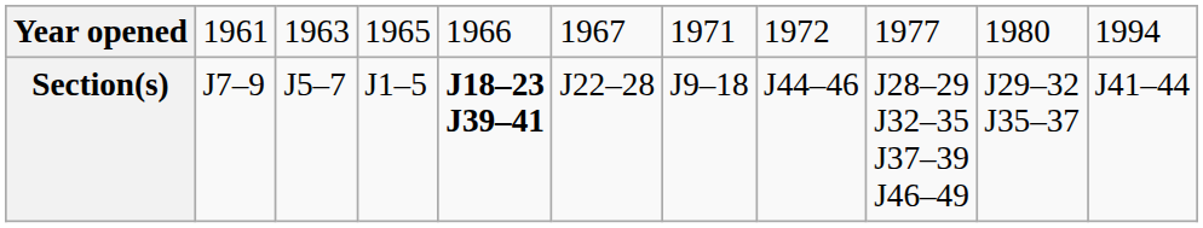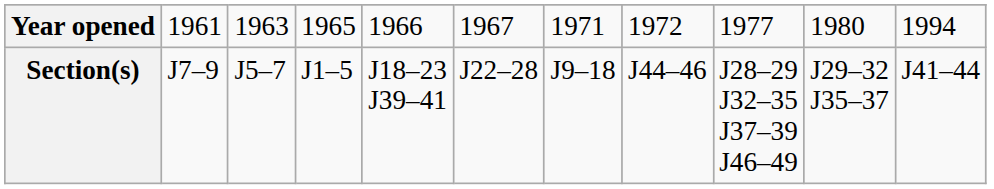 <table class="wikitable">
 <tr>
 <th>Year opened</th>
 <td>1961</td>
 <td>1963</td>
 <td>1965</td>
 <td>1966</td>
 <td>1967</td>
 <td>1971</td>
 <td>1972</td>
 <td>1977</td>
 <td>1980</td>
 <td>1994</td>
 </tr>
 <tr valign="top">
 <th>Section(s)</th>
 <td>J7–9</td>
 <td>J5–7</td>
 <td>J1–5</td>
-<td><strong>J18–23<br>J39–41</strong></td>
+<td>J18–23<br>J39–41</td>
 <td>J22–28</td>
 <td>J9–18</td>
 <td>J44–46</td>
 <td>J28–29<br>J32–35<br>J37–39<br>J46–49</td>
 <td>J29–32<br>J35–37</td>
 <td>J41–44</td>
 </tr>
 </table>
